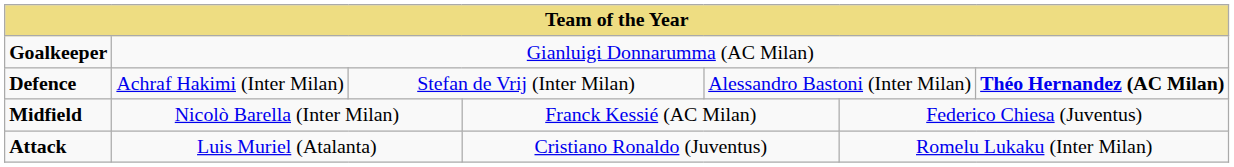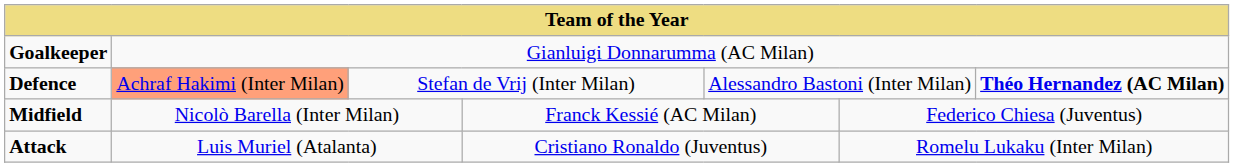 <table class="wikitable">
 <tr>
 <th colspan="7" style="background-color: #eedd82">Team of the Year</th>
 </tr>
 <tr>
 <td><strong>Goalkeeper</strong></td>
 <td colspan="6" align="center"> <a href='#'>Gianluigi Donnarumma</a> (AC Milan)</td>
 </tr>
 <tr>
 <td><strong>Defence</strong></td>
-<td align="center"> <a href='#'>Achraf Hakimi</a> (Inter Milan)</td>
+<td align="center" style="background: lightsalmon;"> <a href='#'>Achraf Hakimi</a> (Inter Milan)</td>
 <td colspan="2" align="center"> <a href='#'>Stefan de Vrij</a> (Inter Milan)</td>
 <td colspan="2" align="center"> <a href='#'>Alessandro Bastoni</a> (Inter Milan)</td>
 <td align="center"><strong> <a href='#'>Théo Hernandez</a> (AC Milan)</strong></td>
 </tr>
 <tr>
 <td><strong>Midfield</strong></td>
 <td colspan="2" align="center"> <a href='#'>Nicolò Barella</a> (Inter Milan)</td>
 <td colspan="2" align="center"> <a href='#'>Franck Kessié</a> (AC Milan)</td>
 <td colspan="2" align="center"> <a href='#'>Federico Chiesa</a> (Juventus)</td>
 </tr>
 <tr>
 <td><strong>Attack</strong></td>
 <td colspan="2" align="center"> <a href='#'>Luis Muriel</a> (Atalanta)</td>
 <td colspan="2" align="center"> <a href='#'>Cristiano Ronaldo</a> (Juventus)</td>
 <td colspan="2" align="center"> <a href='#'>Romelu Lukaku</a> (Inter Milan)</td>
 </tr>
 </table>
